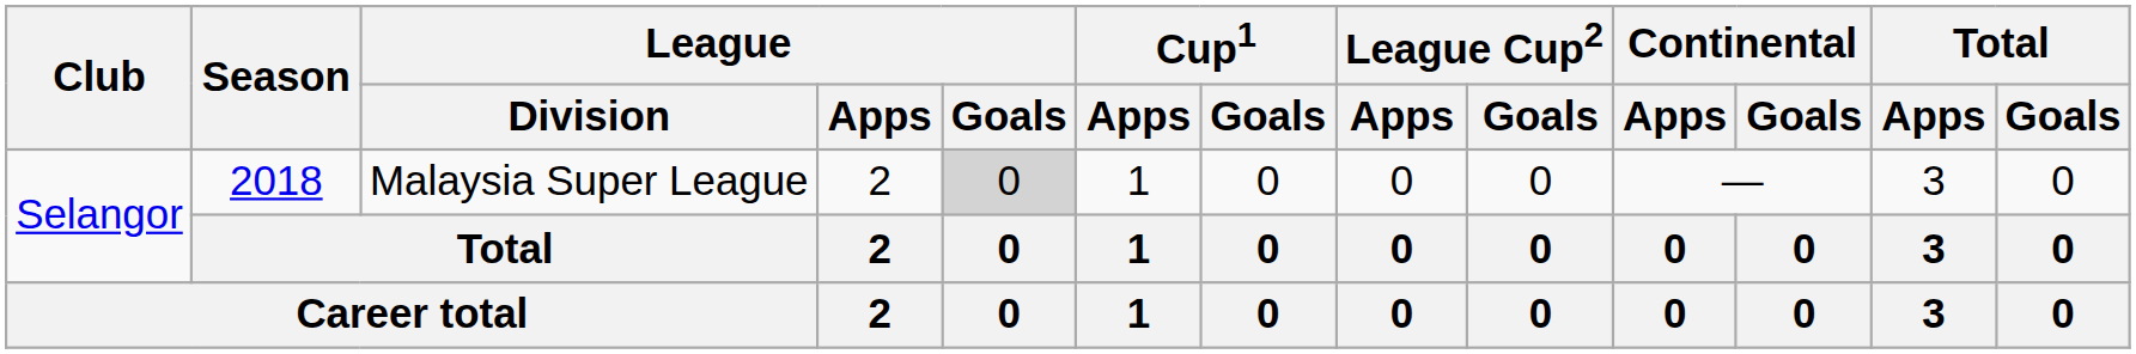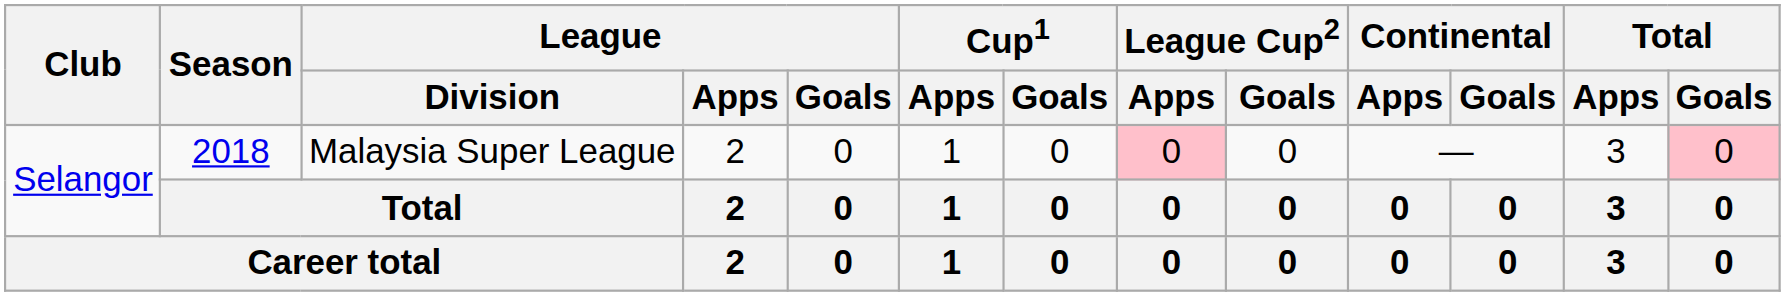 <table class="wikitable" style="text-align:center;">
 <tr>
 <th rowspan="2">Club</th>
 <th rowspan="2">Season</th>
 <th colspan="3">League</th>
 <th colspan="2">Cup<sup>1</sup></th>
 <th colspan="2">League Cup<sup>2</sup></th>
 <th colspan=2>Continental</th>
 <th colspan=2>Total</th>
 </tr>
 <tr>
 <th>Division</th>
 <th>Apps</th>
 <th>Goals</th>
 <th>Apps</th>
 <th>Goals</th>
 <th>Apps</th>
 <th>Goals</th>
 <th>Apps</th>
 <th>Goals</th>
 <th>Apps</th>
 <th>Goals</th>
 </tr>
 <tr>
 <td rowspan="2"><a href='#'>Selangor</a></td>
 <td><a href='#'>2018</a></td>
 <td>Malaysia Super League</td>
 <td>2</td>
-<td style="background: lightgrey;">0</td>
+<td>0</td>
 <td>1</td>
 <td>0</td>
-<td>0</td>
+<td style="background: pink;">0</td>
 <td>0</td>
 <td colspan=2>—</td>
 <td>3</td>
-<td>0</td>
+<td style="background: pink;">0</td>
 </tr>
 <tr>
 <th colspan=2>Total</th>
 <th>2</th>
 <th>0</th>
 <th>1</th>
 <th>0</th>
 <th>0</th>
 <th>0</th>
 <th>0</th>
 <th>0</th>
 <th>3</th>
 <th>0</th>
 </tr>
 <tr>
 <th colspan="3">Career total</th>
 <th>2</th>
 <th>0</th>
 <th>1</th>
 <th>0</th>
 <th>0</th>
 <th>0</th>
 <th>0</th>
 <th>0</th>
 <th>3</th>
 <th>0</th>
 </tr>
 </table>
